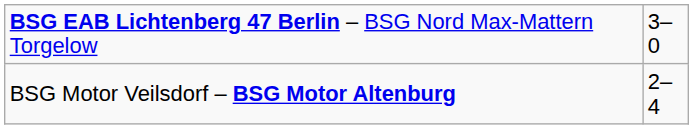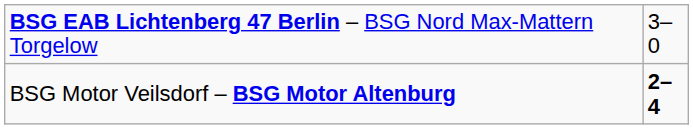 <table class="wikitable" style="width:500px;">
 <tr>
 <td><strong><a href='#'>BSG EAB Lichtenberg 47 Berlin</a></strong> – <a href='#'>BSG Nord Max-Mattern Torgelow</a></td>
 <td>3–0</td>
 </tr>
 <tr>
 <td>BSG Motor Veilsdorf – <strong><a href='#'>BSG Motor Altenburg</a></strong></td>
-<td>2–4</td>
+<td><strong>2–4</strong></td>
 </tr>
 </table>
